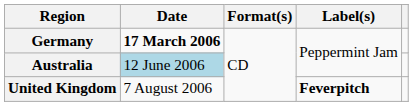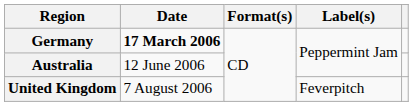 <table class="wikitable plainrowheaders">
 <tr>
 <th scope="col">Region</th>
 <th scope="col">Date</th>
 <th scope="col">Format(s)</th>
 <th scope="col">Label(s)</th>
 <th scope="col"></th>
 </tr>
 <tr>
 <th scope="row">Germany</th>
 <td><strong>17 March 2006</strong></td>
 <td rowspan="3">CD</td>
 <td rowspan="2">Peppermint Jam</td>
 <td></td>
 </tr>
 <tr>
 <th scope="row">Australia</th>
-<td style="background: lightblue;">12 June 2006</td>
+<td>12 June 2006</td>
 <td></td>
 </tr>
 <tr>
 <th scope="row">United Kingdom</th>
 <td>7 August 2006</td>
-<td><strong>Feverpitch</strong></td>
+<td>Feverpitch</td>
 <td></td>
 </tr>
 </table>
